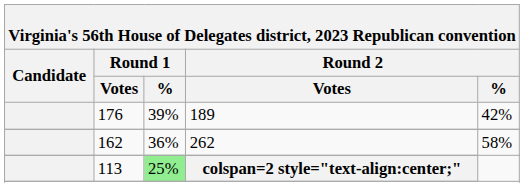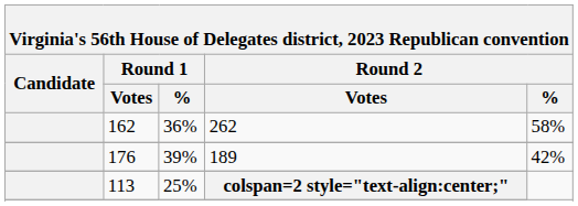 <table class="wikitable sortable">
 <tr>
 <th colspan=" 5 "><br>Virginia's 56th House of Delegates district, 2023 Republican convention</th>
 </tr>
 <tr style="background:#eee; text-align:center;">
 <th rowspan=2 style="text-align:center;">Candidate</th>
 <th colspan=2 style="text-align:center;">Round 1</th>
 <th colspan=2 style="text-align:center;">Round 2</th>
 </tr>
 <tr>
 <th>Votes</th>
 <th>%</th>
 <th>Votes</th>
 <th>%</th>
 </tr>
 <tr>
 <th scope="row" style="text-align:left;"></th>
+<td>162</td>
+<td>36%</td>
+<td> 262</td>
+<td> 58%</td>
+</tr>
+<tr>
+</tr>
+<tr>
+<th scope="row" style="text-align:left;"></th>
 <td>176</td>
 <td>39%</td>
 <td>189</td>
 <td>42%</td>
 </tr>
 <tr>
 </tr>
 <tr>
 <th scope="row" style="text-align:left;"></th>
-<td>162</td>
-<td>36%</td>
-<td> 262</td>
-<td> 58%</td>
-</tr>
-<tr>
-</tr>
-<tr>
-<th scope="row" style="text-align:left;"></th>
 <td>113</td>
-<td style="background: lightgreen;">25%</td>
+<td>25%</td>
 <th>colspan=2 style="text-align:center;" </th>
 </tr>
 <tr>
 </tr>
 <tr>
 </tr>
 <tr>
 </tr>
 </table>
